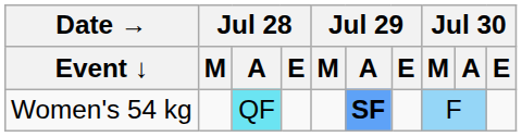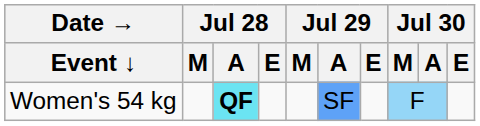 <table class="wikitable" style="margin:0.5em auto;">
 <tr>
 <th>Date →</th>
 <th colspan="3">Jul 28</th>
 <th colspan="3">Jul 29</th>
 <th colspan="3">Jul 30</th>
 </tr>
 <tr>
 <th>Event  ↓</th>
 <th>M</th>
 <th>A</th>
 <th>E</th>
 <th>M</th>
 <th>A</th>
 <th>E</th>
 <th>M</th>
 <th>A</th>
 <th>E</th>
 </tr>
 <tr>
 <td class="event">Women's 54 kg</td>
 <td></td>
-<td bgcolor="#6be4f2" align=center>QF</td>
+<td bgcolor="#6be4f2" align=center><strong>QF</strong></td>
 <td></td>
 <td></td>
-<td bgcolor="#5ea2f7" align=center><strong>SF</strong></td>
+<td bgcolor="#5ea2f7" align=center>SF</td>
 <td></td>
 <td colspan=2 bgcolor="#95d6f7" align=center>F</td>
 <td></td>
 </tr>
 </table>
